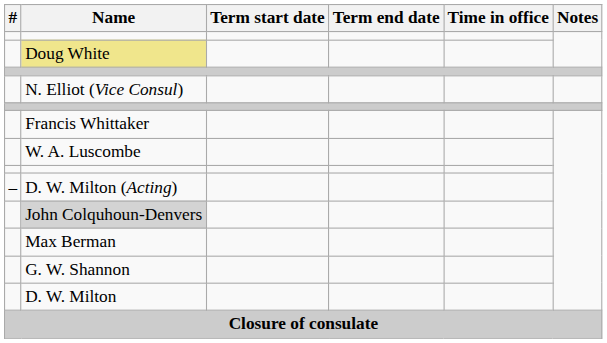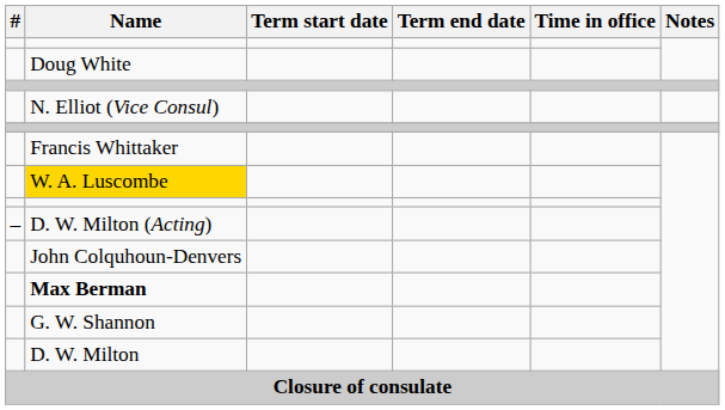 <table class='wikitable sortable'>
 <tr>
 <th>#</th>
 <th>Name</th>
 <th>Term start date</th>
 <th>Term end date</th>
 <th>Time in office</th>
 <th>Notes</th>
 </tr>
 <tr>
 <td align=center></td>
 <td></td>
 <td align=center></td>
 <td align=center></td>
 <td align=right></td>
 <td rowspan=2></td>
 </tr>
 <tr>
 <td align=center></td>
-<td style="background: khaki;">Doug White</td>
+<td>Doug White</td>
 <td align=center></td>
 <td align=center></td>
 <td align=right></td>
 </tr>
 <tr>
 <th colspan=7 style="background: #cccccc;"></th>
 </tr>
 <tr>
 <td align=center></td>
 <td>N. Elliot (<em>Vice Consul</em>)</td>
 <td align=center></td>
 <td align=center></td>
 <td align=right></td>
 <td></td>
 </tr>
 <tr>
 <th colspan=7 style="background: #cccccc;"></th>
 </tr>
 <tr>
 <td align=center></td>
 <td>Francis Whittaker</td>
 <td align=center></td>
 <td align=center></td>
 <td align=right></td>
 <td rowspan=8></td>
 </tr>
 <tr>
 <td align=center></td>
-<td>W. A. Luscombe</td>
+<td style="background: gold;">W. A. Luscombe</td>
 <td align=center></td>
 <td align=center></td>
 <td align=right></td>
 </tr>
 <tr>
 <td align=center></td>
 <td></td>
 <td align=center></td>
 <td align=center></td>
 <td align=right></td>
 </tr>
 <tr>
 <td align=center>–</td>
 <td>D. W. Milton (<em>Acting</em>)</td>
 <td align=center></td>
 <td align=center></td>
 <td align=right></td>
 </tr>
 <tr>
 <td align=center></td>
-<td style="background: lightgrey;">John Colquhoun-Denvers</td>
+<td>John Colquhoun-Denvers</td>
 <td align=center></td>
 <td align=center></td>
 <td align=right></td>
 </tr>
 <tr>
 <td align=center></td>
-<td>Max Berman</td>
+<td><strong>Max Berman</strong></td>
 <td align=center></td>
 <td align=center></td>
 <td align=right></td>
 </tr>
 <tr>
 <td align=center></td>
 <td>G. W. Shannon</td>
 <td align=center></td>
 <td align=center></td>
 <td align=right></td>
 </tr>
 <tr>
 <td align=center></td>
 <td>D. W. Milton</td>
 <td align=center></td>
 <td align=center></td>
 <td align=right></td>
 </tr>
 <tr>
 <th colspan=7 style="background: #cccccc;">Closure of consulate</th>
 </tr>
 </table>
